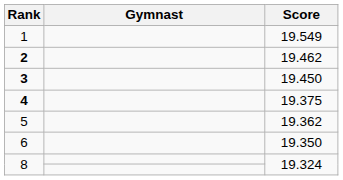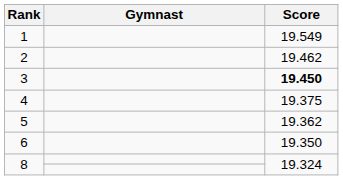 <table class="wikitable" style="text-align:center">
 <tr>
 <th>Rank</th>
 <th style="width:16em">Gymnast</th>
 <th style="width:5em">Score</th>
 </tr>
 <tr>
 <td>1</td>
 <td align=left></td>
 <td>19.549</td>
 </tr>
 <tr>
-<td><strong>2</strong></td>
+<td>2</td>
 <td align=left></td>
 <td>19.462</td>
 </tr>
 <tr>
-<td><strong>3</strong></td>
+<td>3</td>
 <td align=left></td>
-<td>19.450</td>
+<td><strong>19.450</strong></td>
 </tr>
 <tr>
-<td><strong>4</strong></td>
+<td>4</td>
 <td align=left></td>
 <td>19.375</td>
 </tr>
 <tr>
 <td>5</td>
 <td align=left></td>
 <td>19.362</td>
 </tr>
 <tr>
 <td>6</td>
 <td align=left></td>
 <td>19.350</td>
 </tr>
 <tr>
 <td rowspan=2>8</td>
 <td align=left></td>
 <td rowspan=2>19.324</td>
 </tr>
 <tr>
 <td align=left></td>
 </tr>
 </table>
